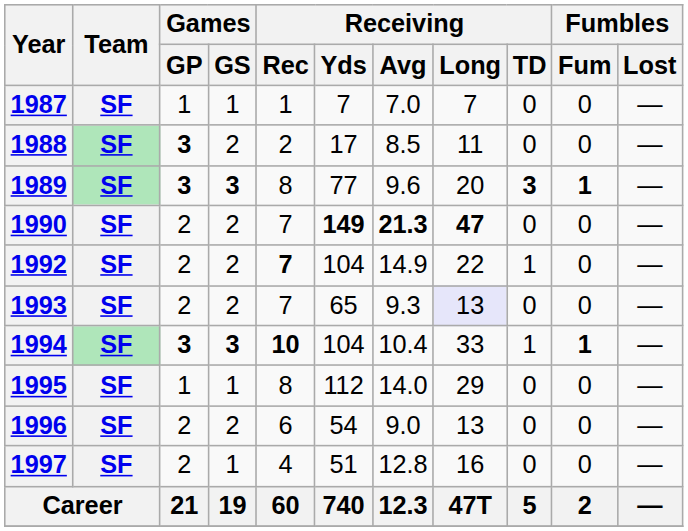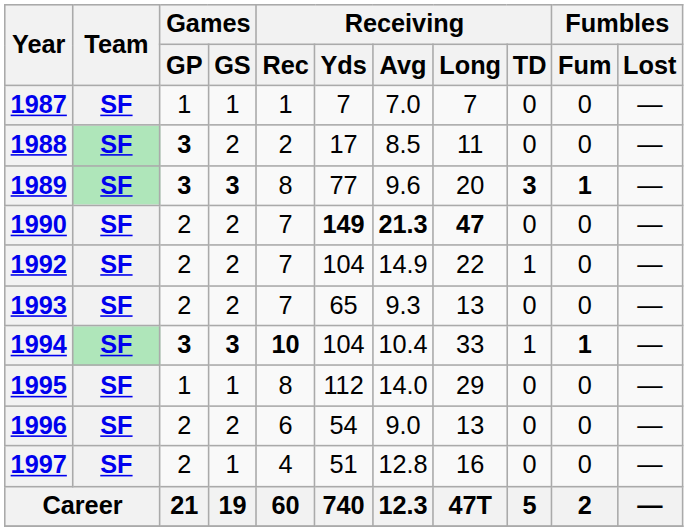 <table class="wikitable" style="text-align: center;">
 <tr>
 <th rowspan="2">Year</th>
 <th rowspan="2">Team</th>
 <th colspan="2">Games</th>
 <th colspan="5">Receiving</th>
 <th colspan="2">Fumbles</th>
 </tr>
 <tr>
 <th>GP</th>
 <th>GS</th>
 <th>Rec</th>
 <th>Yds</th>
 <th>Avg</th>
 <th>Long</th>
 <th>TD</th>
 <th>Fum</th>
 <th>Lost</th>
 </tr>
 <tr>
 <th><a href='#'>1987</a></th>
 <th><a href='#'>SF</a></th>
 <td>1</td>
 <td>1</td>
 <td>1</td>
 <td>7</td>
 <td>7.0</td>
 <td>7</td>
 <td>0</td>
 <td>0</td>
 <td>—</td>
 </tr>
 <tr>
 <th><a href='#'>1988</a></th>
 <th style="background:#afe6ba; width:3em;"><a href='#'>SF</a></th>
 <td><strong>3</strong></td>
 <td>2</td>
 <td>2</td>
 <td>17</td>
 <td>8.5</td>
 <td>11</td>
 <td>0</td>
 <td>0</td>
 <td>—</td>
 </tr>
 <tr>
 <th><a href='#'>1989</a></th>
 <th style="background:#afe6ba; width:3em;"><a href='#'>SF</a></th>
 <td><strong>3</strong></td>
 <td><strong>3</strong></td>
 <td>8</td>
 <td>77</td>
 <td>9.6</td>
 <td>20</td>
 <td><strong>3</strong></td>
 <td><strong>1</strong></td>
 <td>—</td>
 </tr>
 <tr>
 <th><a href='#'>1990</a></th>
 <th><a href='#'>SF</a></th>
 <td>2</td>
 <td>2</td>
 <td>7</td>
 <td><strong>149</strong></td>
 <td><strong>21.3</strong></td>
 <td><strong>47</strong></td>
 <td>0</td>
 <td>0</td>
 <td>—</td>
 </tr>
 <tr>
 <th><a href='#'>1992</a></th>
 <th><a href='#'>SF</a></th>
 <td>2</td>
 <td>2</td>
-<td><strong>7</strong></td>
+<td>7</td>
 <td>104</td>
 <td>14.9</td>
 <td>22</td>
 <td>1</td>
 <td>0</td>
 <td>—</td>
 </tr>
 <tr>
 <th><a href='#'>1993</a></th>
 <th><a href='#'>SF</a></th>
 <td>2</td>
 <td>2</td>
 <td>7</td>
 <td>65</td>
 <td>9.3</td>
-<td style="background: lavender;">13</td>
+<td>13</td>
 <td>0</td>
 <td>0</td>
 <td>—</td>
 </tr>
 <tr>
 <th><a href='#'>1994</a></th>
 <th style="background:#afe6ba; width:3em;"><a href='#'>SF</a></th>
 <td><strong>3</strong></td>
 <td><strong>3</strong></td>
 <td><strong>10</strong></td>
 <td>104</td>
 <td>10.4</td>
 <td>33</td>
 <td>1</td>
 <td><strong>1</strong></td>
 <td>—</td>
 </tr>
 <tr>
 <th><a href='#'>1995</a></th>
 <th><a href='#'>SF</a></th>
 <td>1</td>
 <td>1</td>
 <td>8</td>
 <td>112</td>
 <td>14.0</td>
 <td>29</td>
 <td>0</td>
 <td>0</td>
 <td>—</td>
 </tr>
 <tr>
 <th><a href='#'>1996</a></th>
 <th><a href='#'>SF</a></th>
 <td>2</td>
 <td>2</td>
 <td>6</td>
 <td>54</td>
 <td>9.0</td>
 <td>13</td>
 <td>0</td>
 <td>0</td>
 <td>—</td>
 </tr>
 <tr>
 <th><a href='#'>1997</a></th>
 <th><a href='#'>SF</a></th>
 <td>2</td>
 <td>1</td>
 <td>4</td>
 <td>51</td>
 <td>12.8</td>
 <td>16</td>
 <td>0</td>
 <td>0</td>
 <td>—</td>
 </tr>
 <tr>
 <th colspan="2">Career</th>
 <th>21</th>
 <th>19</th>
 <th>60</th>
 <th>740</th>
 <th>12.3</th>
 <th>47T</th>
 <th>5</th>
 <th>2</th>
 <th>—</th>
 </tr>
 <tr>
 </tr>
 </table>
